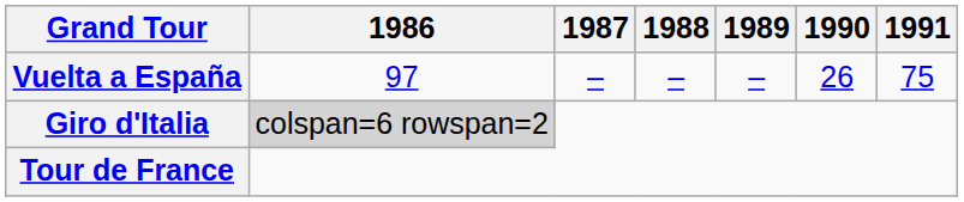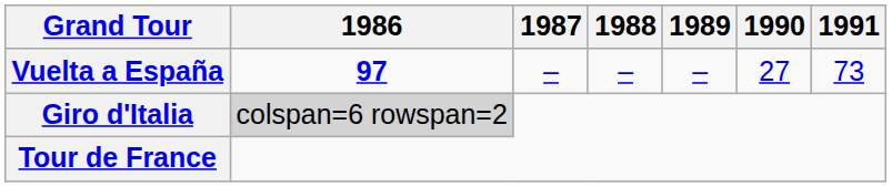 <table class="wikitable plainrowheaders">
 <tr>
 <th scope="col"><a href='#'>Grand Tour</a></th>
 <th scope="col">1986</th>
 <th scope="col">1987</th>
 <th scope="col">1988</th>
 <th scope="col">1989</th>
 <th scope="col">1990</th>
 <th scope="col">1991</th>
 </tr>
 <tr style="text-align:center;">
 <th scope="row"> <a href='#'>Vuelta a España</a></th>
-<td style="text-align:center;"><a href='#'>97</a></td>
+<td style="text-align:center;"><strong><a href='#'>97</a></strong></td>
 <td style="text-align:center;"><a href='#'>–</a></td>
 <td style="text-align:center;"><a href='#'>–</a></td>
 <td style="text-align:center;"><a href='#'>–</a></td>
-<td style="text-align:center;"><a href='#'>26</a></td>
-<td style="text-align:center;"><a href='#'>75</a></td>
+<td style="text-align:center;"><a href='#'>27</a></td>
+<td style="text-align:center;"><a href='#'>73</a></td>
 </tr>
 <tr style="text-align:center;">
 <th scope="row"> <a href='#'>Giro d'Italia</a></th>
 <td style="background: lightgrey;">colspan=6 rowspan=2 </td>
 </tr>
 <tr style="text-align:center;">
 <th scope="row"> <a href='#'>Tour de France</a></th>
 </tr>
 </table>
